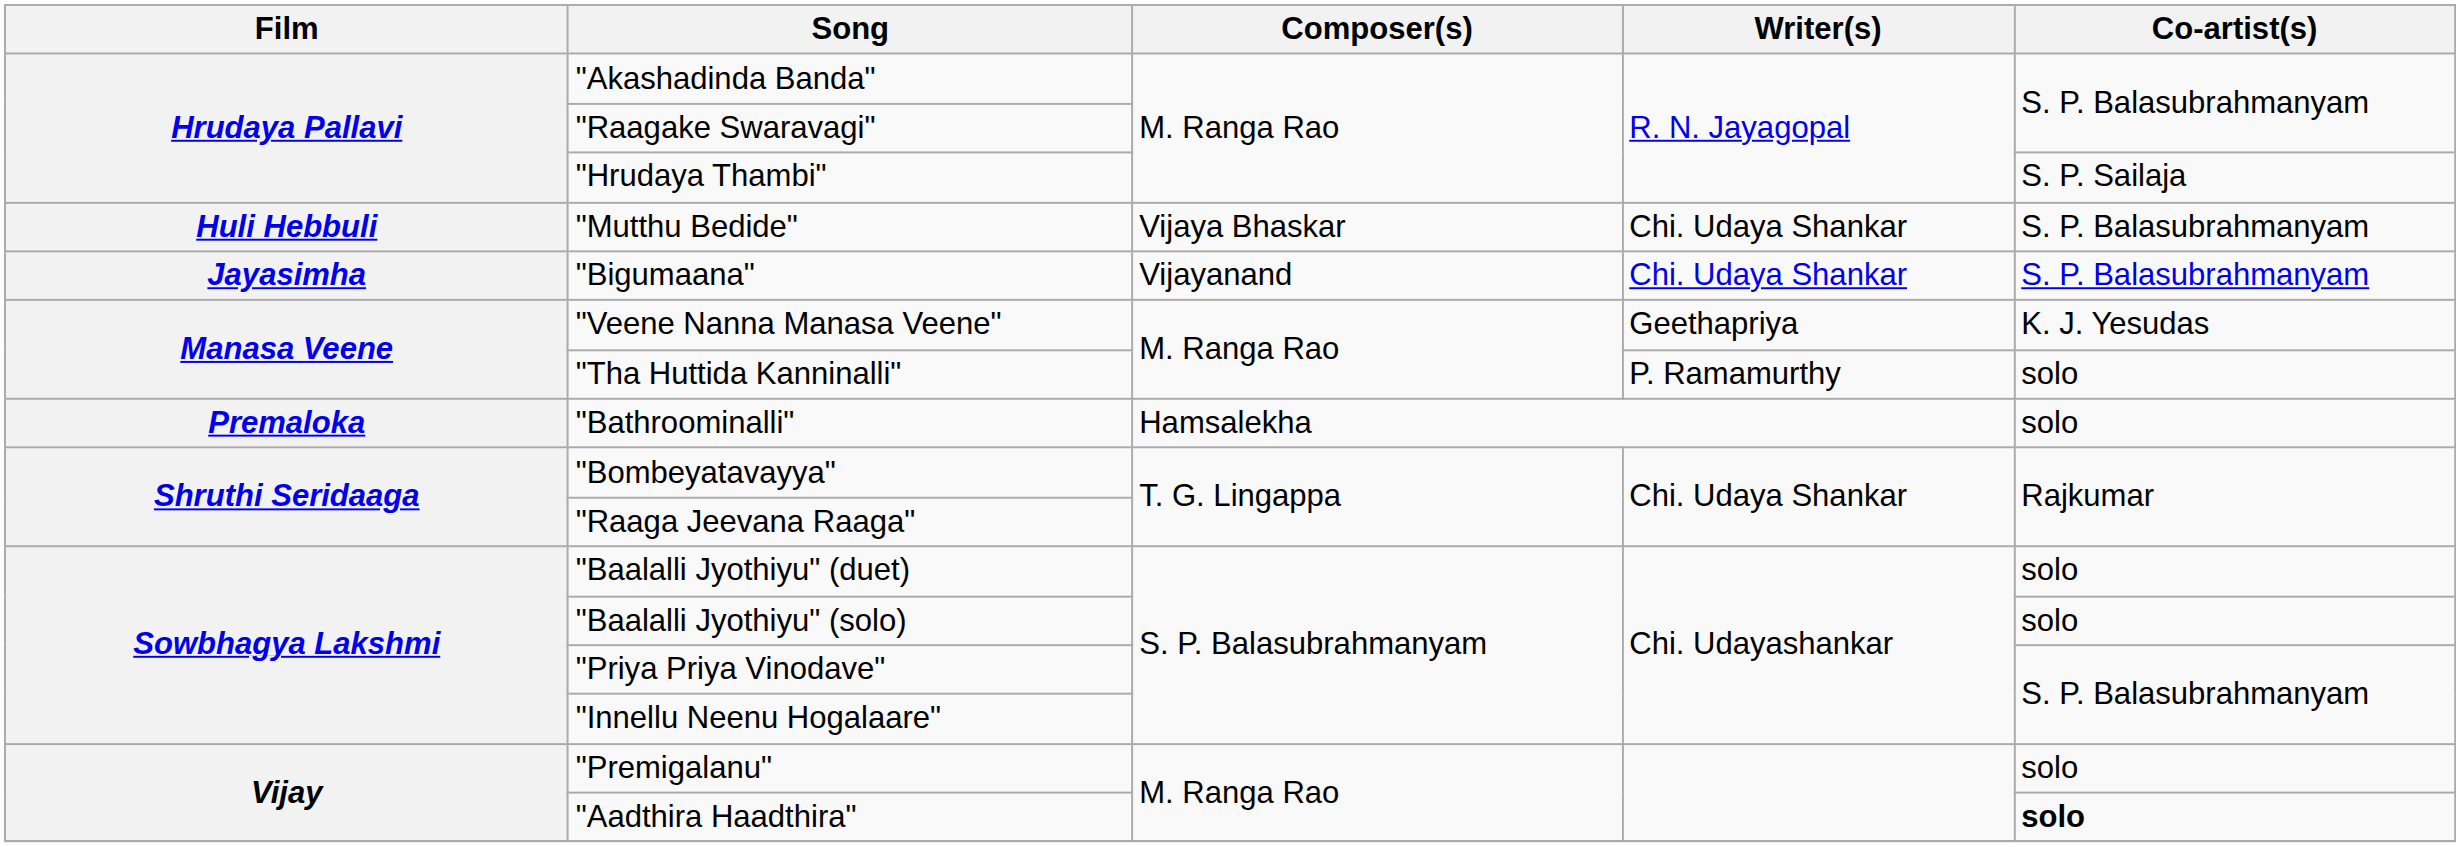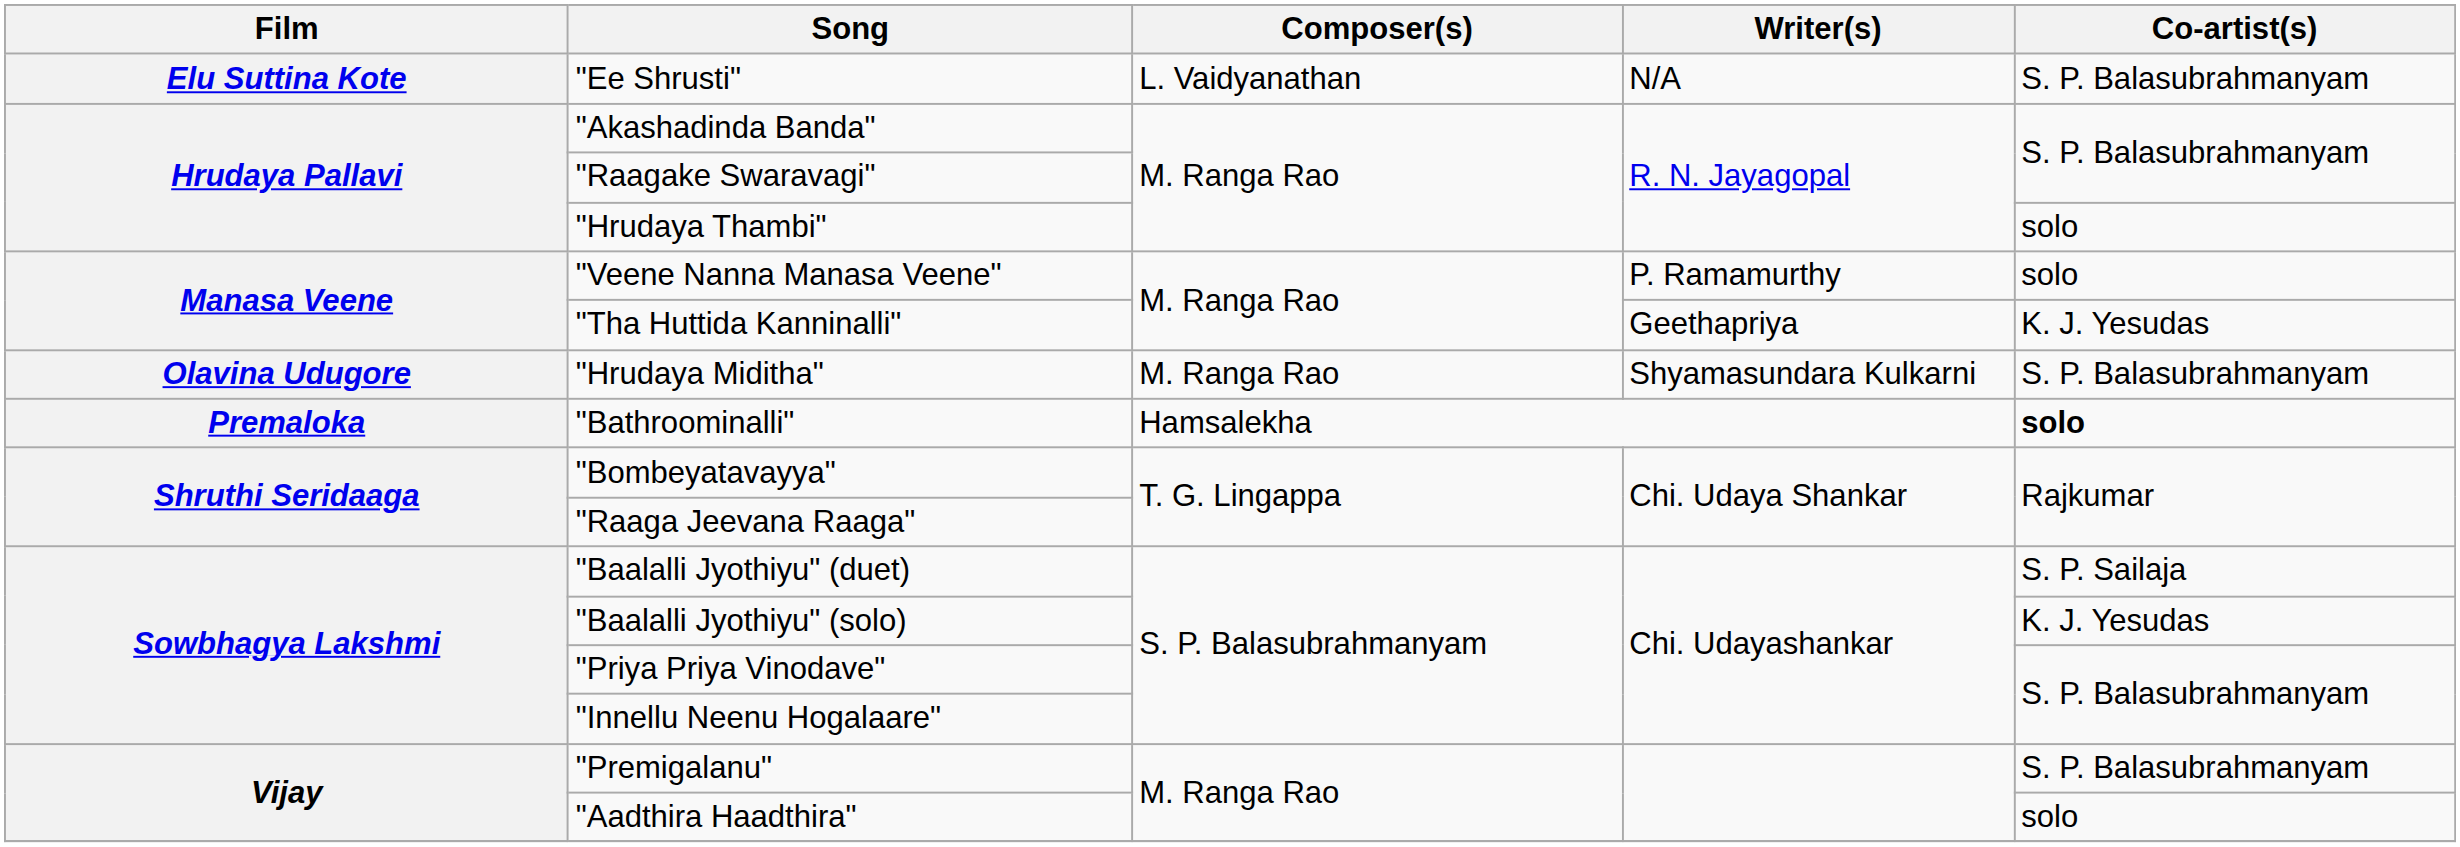 <table class="wikitable plainrowheaders" width="100%" textcolor:#000;">
 <tr style="background:#b0e0e66;">
 <th scope="col" width=23%><strong>Film</strong></th>
 <th scope="col" width=23%><strong>Song</strong></th>
 <th scope="col" width=20%><strong>Composer(s)</strong></th>
 <th scope="col" width=16%><strong>Writer(s)</strong></th>
 <th scope="col" width=18%><strong>Co-artist(s)</strong></th>
+</tr>
+<tr>
+<th><em><a href='#'>Elu Suttina Kote</a></em></th>
+<td>"Ee Shrusti"</td>
+<td>L. Vaidyanathan</td>
+<td>N/A</td>
+<td>S. P. Balasubrahmanyam</td>
 </tr>
 <tr>
 <th Rowspan=3><em><a href='#'>Hrudaya Pallavi</a></em></th>
 <td>"Akashadinda Banda"</td>
 <td rowspan=3>M. Ranga Rao</td>
 <td rowspan=3><a href='#'>R. N. Jayagopal</a></td>
 <td Rowspan=2>S. P. Balasubrahmanyam</td>
 </tr>
 <tr>
 <td>"Raagake Swaravagi"</td>
 </tr>
 <tr>
 <td>"Hrudaya Thambi"</td>
-<td rowspan=>S. P. Sailaja</td>
-</tr>
-<tr>
-<th Rowspan=><em><a href='#'>Huli Hebbuli</a></em></th>
-<td>"Mutthu Bedide"</td>
-<td rowspan=>Vijaya Bhaskar</td>
-<td rowdpan=>Chi. Udaya Shankar</td>
-<td>S. P. Balasubrahmanyam</td>
-</tr>
-<tr>
-<th><em><a href='#'>Jayasimha</a></em></th>
-<td>"Bigumaana"</td>
-<td>Vijayanand</td>
-<td><a href='#'>Chi. Udaya Shankar</a></td>
-<td><a href='#'>S. P. Balasubrahmanyam</a></td>
+<td>solo</td>
 </tr>
 <tr>
 <th Rowspan=2><em><a href='#'>Manasa Veene</a></em></th>
 <td>"Veene Nanna Manasa Veene"</td>
 <td rowspan=2>M. Ranga Rao</td>
+<td>P. Ramamurthy</td>
+<td>solo</td>
+</tr>
+<tr>
+<td>"Tha Huttida Kanninalli"</td>
 <td>Geethapriya</td>
 <td>K. J. Yesudas</td>
 </tr>
 <tr>
-<td>"Tha Huttida Kanninalli"</td>
-<td>P. Ramamurthy</td>
-<td>solo</td>
+<th><em><a href='#'>Olavina Udugore</a></em></th>
+<td>"Hrudaya Miditha"</td>
+<td>M. Ranga Rao</td>
+<td>Shyamasundara Kulkarni</td>
+<td>S. P. Balasubrahmanyam</td>
 </tr>
 <tr>
 <th><em><a href='#'>Premaloka</a></em></th>
 <td>"Bathroominalli"</td>
 <td colspan=2>Hamsalekha</td>
-<td>solo</td>
+<td><strong>solo</strong></td>
 </tr>
 <tr>
 <th Rowspan=2><em><a href='#'>Shruthi Seridaaga</a></em></th>
 <td>"Bombeyatavayya"</td>
 <td rowspan=2>T. G. Lingappa</td>
 <td Rowspan=2>Chi. Udaya Shankar</td>
 <td rowspan=2>Rajkumar</td>
 </tr>
 <tr>
 <td>"Raaga Jeevana Raaga"</td>
 </tr>
 <tr>
 <th Rowspan=4><em><a href='#'>Sowbhagya Lakshmi</a></em></th>
 <td>"Baalalli Jyothiyu" (duet)</td>
 <td rowspan=4>S. P. Balasubrahmanyam</td>
 <td rowspan=4>Chi. Udayashankar</td>
-<td>solo</td>
+<td rowspan=>S. P. Sailaja</td>
 </tr>
 <tr>
 <td>"Baalalli Jyothiyu" (solo)</td>
-<td>solo</td>
+<td>K. J. Yesudas</td>
 </tr>
 <tr>
 <td>"Priya Priya Vinodave"</td>
 <td rowspan=2>S. P. Balasubrahmanyam</td>
 </tr>
 <tr>
 <td>"Innellu Neenu Hogalaare"</td>
 </tr>
 <tr>
 <th Rowspan=2><em>Vijay</em><br></th>
 <td>"Premigalanu"</td>
 <td rowspan=2>M. Ranga Rao</td>
 <td rowspan=2></td>
-<td>solo</td>
+<td>S. P. Balasubrahmanyam</td>
 </tr>
 <tr>
 <td>"Aadthira Haadthira"</td>
-<td><strong>solo</strong></td>
+<td>solo</td>
 </tr>
 <tr>
 </tr>
 </table>
